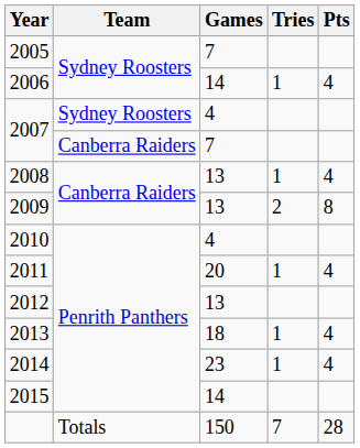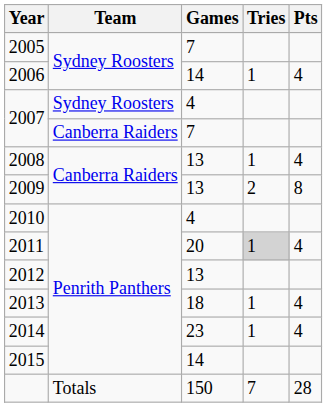 <table class="wikitable">
 <tr>
 <th>Year</th>
 <th>Team</th>
 <th>Games</th>
 <th>Tries</th>
 <th>Pts</th>
 </tr>
 <tr>
 <td>2005</td>
 <td rowspan="2"> <a href='#'>Sydney Roosters</a></td>
 <td>7</td>
 <td></td>
 <td></td>
 </tr>
 <tr>
 <td>2006</td>
 <td>14</td>
 <td>1</td>
 <td>4</td>
 </tr>
 <tr>
 <td rowspan="2">2007</td>
 <td> <a href='#'>Sydney Roosters</a></td>
 <td>4</td>
 <td></td>
 <td></td>
 </tr>
 <tr>
 <td> <a href='#'>Canberra Raiders</a></td>
 <td>7</td>
 <td></td>
 <td></td>
 </tr>
 <tr>
 <td>2008</td>
 <td rowspan="2"> <a href='#'>Canberra Raiders</a></td>
 <td>13</td>
 <td>1</td>
 <td>4</td>
 </tr>
 <tr>
 <td>2009</td>
 <td>13</td>
 <td>2</td>
 <td>8</td>
 </tr>
 <tr>
 <td>2010</td>
 <td rowspan="6"> <a href='#'>Penrith Panthers</a></td>
 <td>4</td>
 <td></td>
 <td></td>
 </tr>
 <tr>
 <td>2011</td>
 <td>20</td>
-<td>1</td>
+<td style="background: lightgrey;">1</td>
 <td>4</td>
 </tr>
 <tr>
 <td>2012</td>
 <td>13</td>
 <td></td>
 <td></td>
 </tr>
 <tr>
 <td>2013</td>
 <td>18</td>
 <td>1</td>
 <td>4</td>
 </tr>
 <tr>
 <td>2014</td>
 <td>23</td>
 <td>1</td>
 <td>4</td>
 </tr>
 <tr>
 <td>2015</td>
 <td>14</td>
 <td></td>
 <td></td>
 </tr>
 <tr>
 <td></td>
 <td>Totals</td>
 <td>150</td>
 <td>7</td>
 <td>28</td>
 </tr>
 </table>
